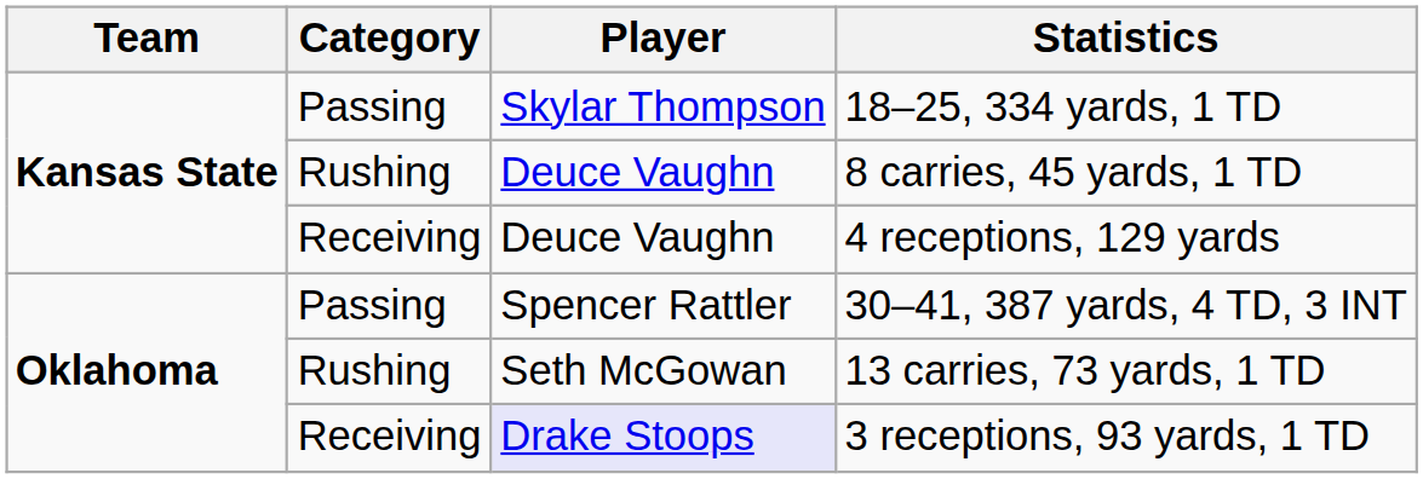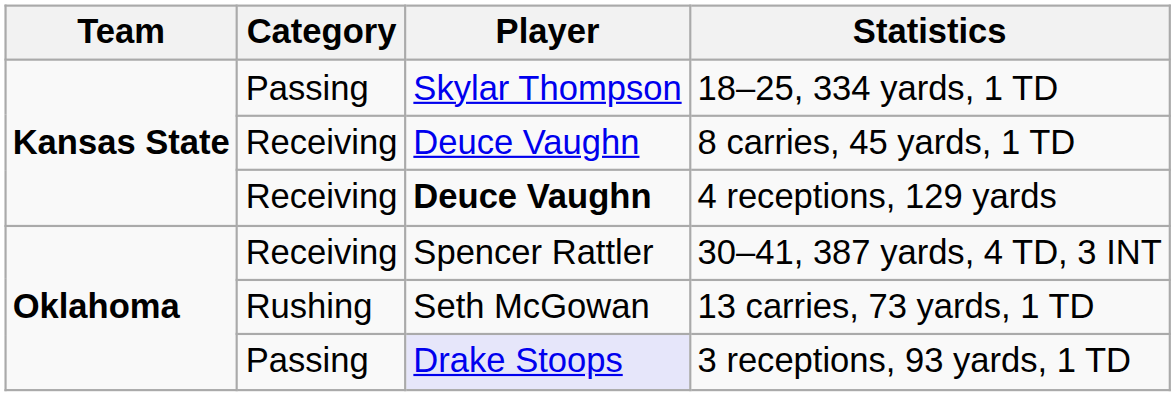 <table class="wikitable" style="float: right;">
 <tr>
 <th>Team</th>
 <th>Category</th>
 <th>Player</th>
 <th>Statistics</th>
 </tr>
 <tr>
 <td rowspan=3><strong>Kansas State</strong></td>
 <td>Passing</td>
 <td><a href='#'>Skylar Thompson</a></td>
 <td>18–25, 334 yards, 1 TD</td>
 </tr>
 <tr>
-<td>Rushing</td>
+<td>Receiving</td>
 <td><a href='#'>Deuce Vaughn</a></td>
 <td>8 carries, 45 yards, 1 TD</td>
 </tr>
 <tr>
 <td>Receiving</td>
-<td>Deuce Vaughn</td>
+<td><strong>Deuce Vaughn</strong></td>
 <td>4 receptions, 129 yards</td>
 </tr>
 <tr>
 <td rowspan=3><strong>Oklahoma</strong></td>
-<td>Passing</td>
+<td>Receiving</td>
 <td>Spencer Rattler</td>
 <td>30–41, 387 yards, 4 TD, 3 INT</td>
 </tr>
 <tr>
 <td>Rushing</td>
 <td>Seth McGowan</td>
 <td>13 carries, 73 yards, 1 TD</td>
 </tr>
 <tr>
-<td>Receiving</td>
+<td>Passing</td>
 <td style="background: lavender;"><a href='#'>Drake Stoops</a></td>
 <td>3 receptions, 93 yards, 1 TD</td>
 </tr>
 </table>
